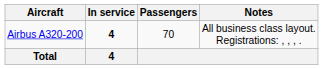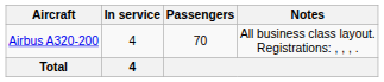 <table class="wikitable" style="border-collapse:collapse;text-align:center;margin:auto;">
 <tr>
 <th>Aircraft</th>
 <th>In service</th>
 <th>Passengers</th>
 <th>Notes</th>
 </tr>
 <tr>
 <td><a href='#'>Airbus A320-200</a></td>
-<td><strong>4</strong></td>
+<td>4</td>
 <td>70</td>
 <td>All business class layout.<br>Registrations: , , , .</td>
 </tr>
 <tr>
 <th>Total</th>
 <th>4</th>
 <th colspan="2"></th>
 </tr>
 </table>
